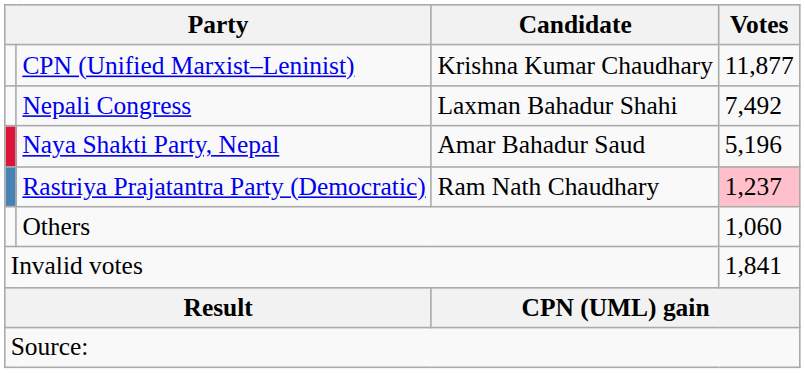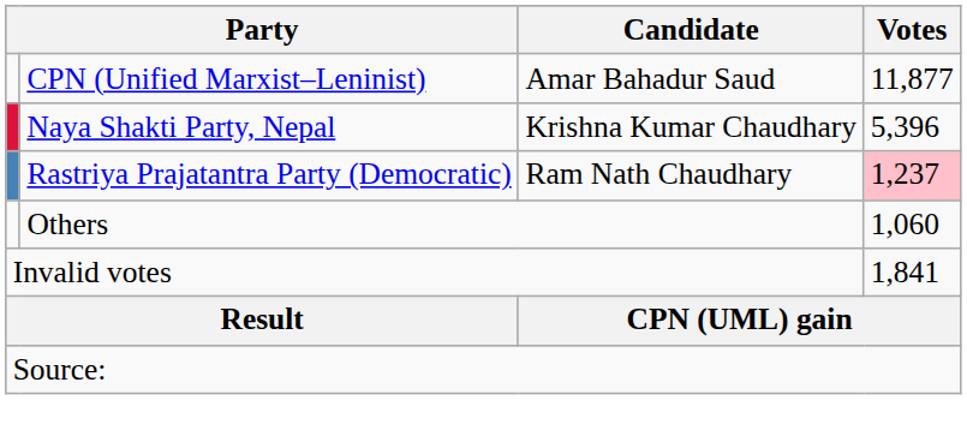 <table class="wikitable">
 <tr>
 <th colspan="2">Party</th>
 <th>Candidate</th>
 <th>Votes</th>
 </tr>
 <tr>
 <td style="background-color:"></td>
 <td><a href='#'>CPN (Unified Marxist–Leninist)</a></td>
-<td>Krishna Kumar Chaudhary</td>
+<td>Amar Bahadur Saud</td>
 <td>11,877</td>
-</tr>
-<tr>
-<td style="background-color:"></td>
-<td><a href='#'>Nepali Congress</a></td>
-<td>Laxman Bahadur Shahi</td>
-<td>7,492</td>
 </tr>
 <tr>
 <td style="background-color:crimson"></td>
 <td><a href='#'>Naya Shakti Party, Nepal</a></td>
-<td>Amar Bahadur Saud</td>
-<td>5,196</td>
+<td>Krishna Kumar Chaudhary</td>
+<td>5,396</td>
 </tr>
 <tr>
 <td style="background-color:steelblue"></td>
 <td><a href='#'>Rastriya Prajatantra Party (Democratic)</a></td>
 <td>Ram Nath Chaudhary</td>
 <td style="background: pink;">1,237</td>
 </tr>
 <tr>
 <td></td>
 <td colspan="2">Others</td>
 <td>1,060</td>
 </tr>
 <tr>
 <td colspan="3">Invalid votes</td>
 <td>1,841</td>
 </tr>
 <tr>
 <th colspan="2">Result</th>
 <th colspan="2">CPN (UML) gain</th>
 </tr>
 <tr>
 <td colspan="4">Source: </td>
 </tr>
 </table>
